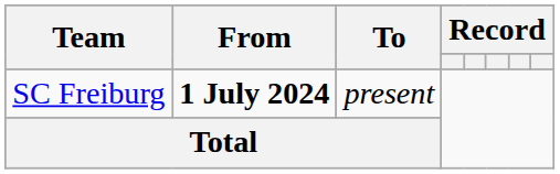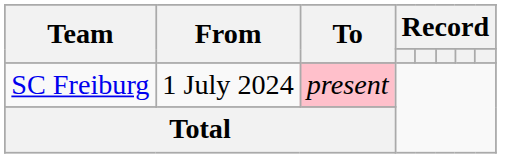 <table class="wikitable" style="text-align:center">
 <tr>
 <th rowspan="2">Team</th>
 <th rowspan="2">From</th>
 <th rowspan="2">To</th>
 <th colspan="8">Record</th>
 </tr>
 <tr>
 <th></th>
 <th></th>
 <th></th>
 <th></th>
 <th></th>
 </tr>
 <tr>
 <td align=left><a href='#'>SC Freiburg</a></td>
-<td align=left><strong>1 July 2024</strong></td>
-<td align=left><em>present</em><br></td>
+<td align=left>1 July 2024</td>
+<td align=left style="background: pink;"><em>present</em><br></td>
 </tr>
 <tr>
 <th colspan="3">Total<br></th>
 </tr>
 </table>
